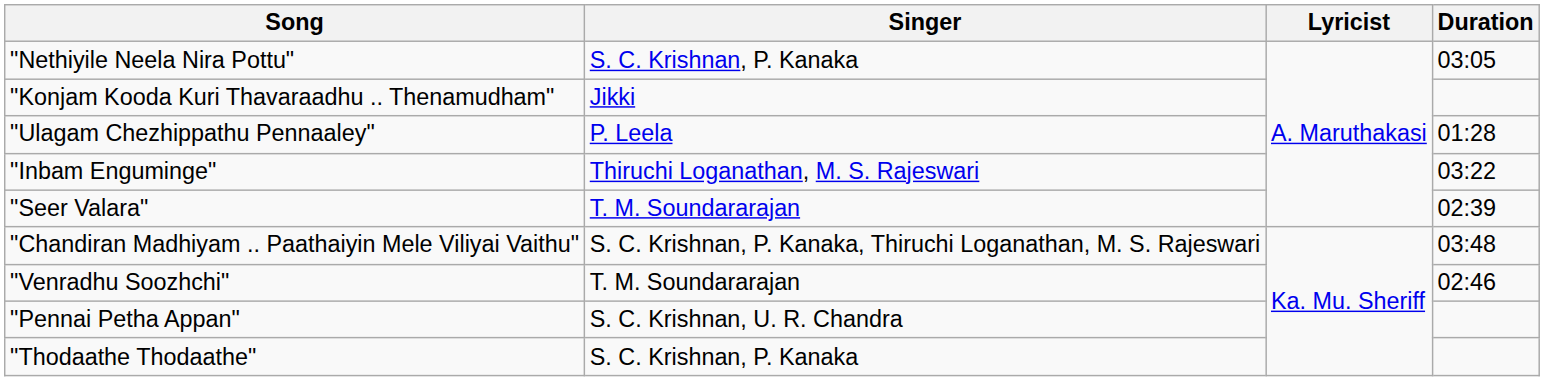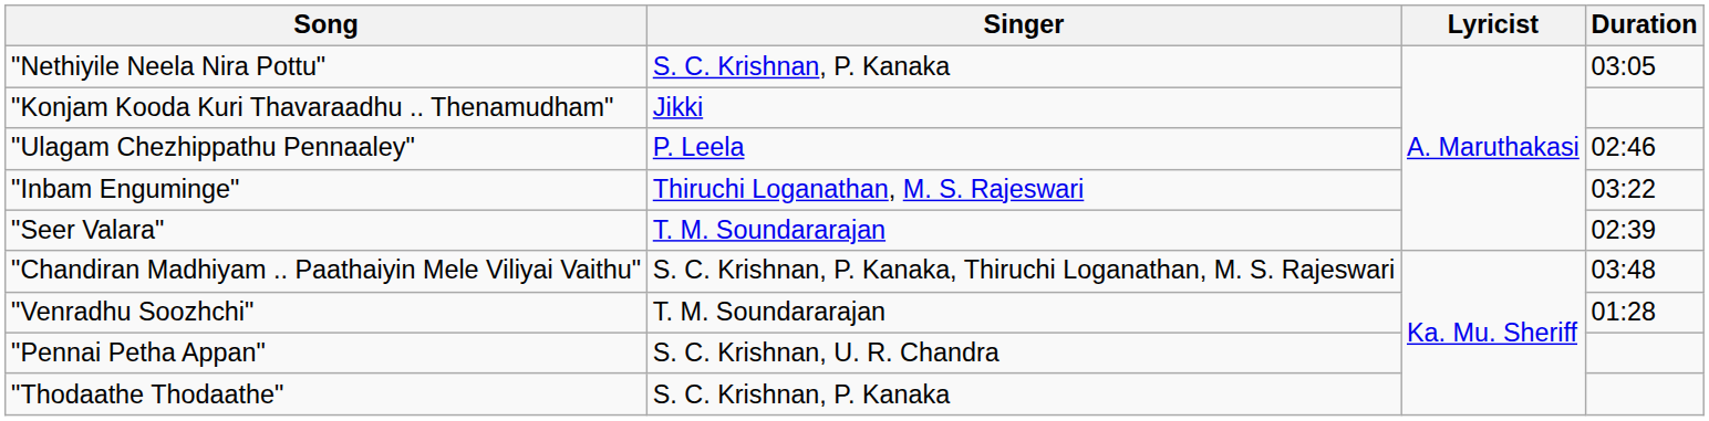 <table class="wikitable">
 <tr>
 <th>Song</th>
 <th>Singer</th>
 <th>Lyricist</th>
 <th>Duration</th>
 </tr>
 <tr>
 <td>"Nethiyile Neela Nira Pottu"</td>
 <td><a href='#'>S. C. Krishnan</a>, P. Kanaka</td>
 <td rowspan=5><a href='#'>A. Maruthakasi</a></td>
 <td>03:05</td>
 </tr>
 <tr>
 <td>"Konjam Kooda Kuri Thavaraadhu .. Thenamudham"</td>
 <td><a href='#'>Jikki</a></td>
 <td></td>
 </tr>
 <tr>
 <td>"Ulagam Chezhippathu Pennaaley"</td>
 <td><a href='#'>P. Leela</a></td>
-<td>01:28</td>
+<td>02:46</td>
 </tr>
 <tr>
 <td>"Inbam Enguminge"</td>
 <td><a href='#'>Thiruchi Loganathan</a>, <a href='#'>M. S. Rajeswari</a></td>
 <td>03:22</td>
 </tr>
 <tr>
 <td>"Seer Valara"</td>
 <td><a href='#'>T. M. Soundararajan</a></td>
 <td>02:39</td>
 </tr>
 <tr>
 <td>"Chandiran Madhiyam .. Paathaiyin Mele Viliyai Vaithu"</td>
 <td>S. C. Krishnan, P. Kanaka, Thiruchi Loganathan, M. S. Rajeswari</td>
 <td rowspan=4><a href='#'>Ka. Mu. Sheriff</a></td>
 <td>03:48</td>
 </tr>
 <tr>
 <td>"Venradhu Soozhchi"</td>
 <td>T. M. Soundararajan</td>
-<td>02:46</td>
+<td>01:28</td>
 </tr>
 <tr>
 <td>"Pennai Petha Appan"</td>
 <td>S. C. Krishnan, U. R. Chandra</td>
 <td></td>
 </tr>
 <tr>
 <td>"Thodaathe Thodaathe"</td>
 <td>S. C. Krishnan, P. Kanaka</td>
 <td></td>
 </tr>
 </table>
